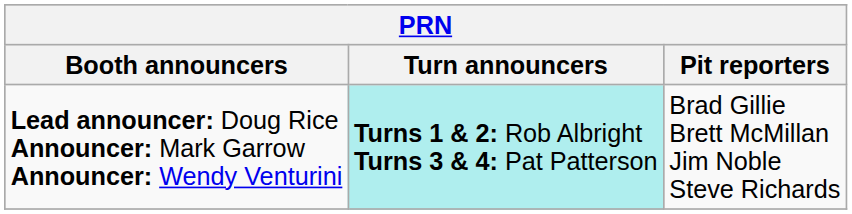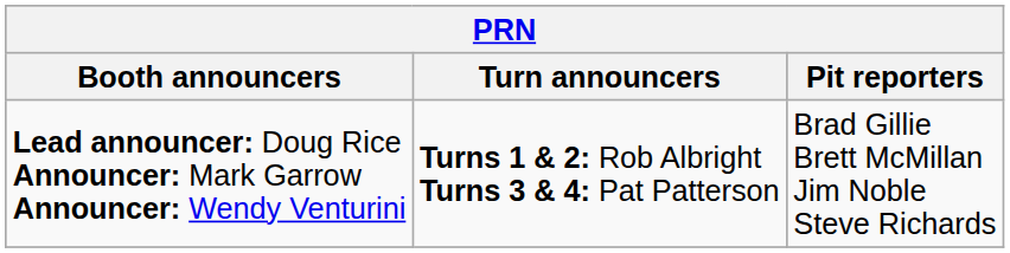 <table class="wikitable" style="font-size: 95%;">
 <tr>
 <th colspan="3"><a href='#'>PRN</a></th>
 </tr>
 <tr>
 <th>Booth announcers</th>
 <th>Turn announcers</th>
 <th>Pit reporters</th>
 </tr>
 <tr>
 <td><strong>Lead announcer:</strong> Doug Rice<br><strong>Announcer:</strong> Mark Garrow<br> <strong>Announcer:</strong> <a href='#'>Wendy Venturini</a></td>
-<td style="background: paleturquoise;"><strong>Turns 1 & 2:</strong> Rob Albright<br><strong>Turns 3 & 4:</strong> Pat Patterson</td>
+<td><strong>Turns 1 & 2:</strong> Rob Albright<br><strong>Turns 3 & 4:</strong> Pat Patterson</td>
 <td>Brad Gillie<br>Brett McMillan<br>Jim Noble<br>Steve Richards</td>
 </tr>
 </table>
